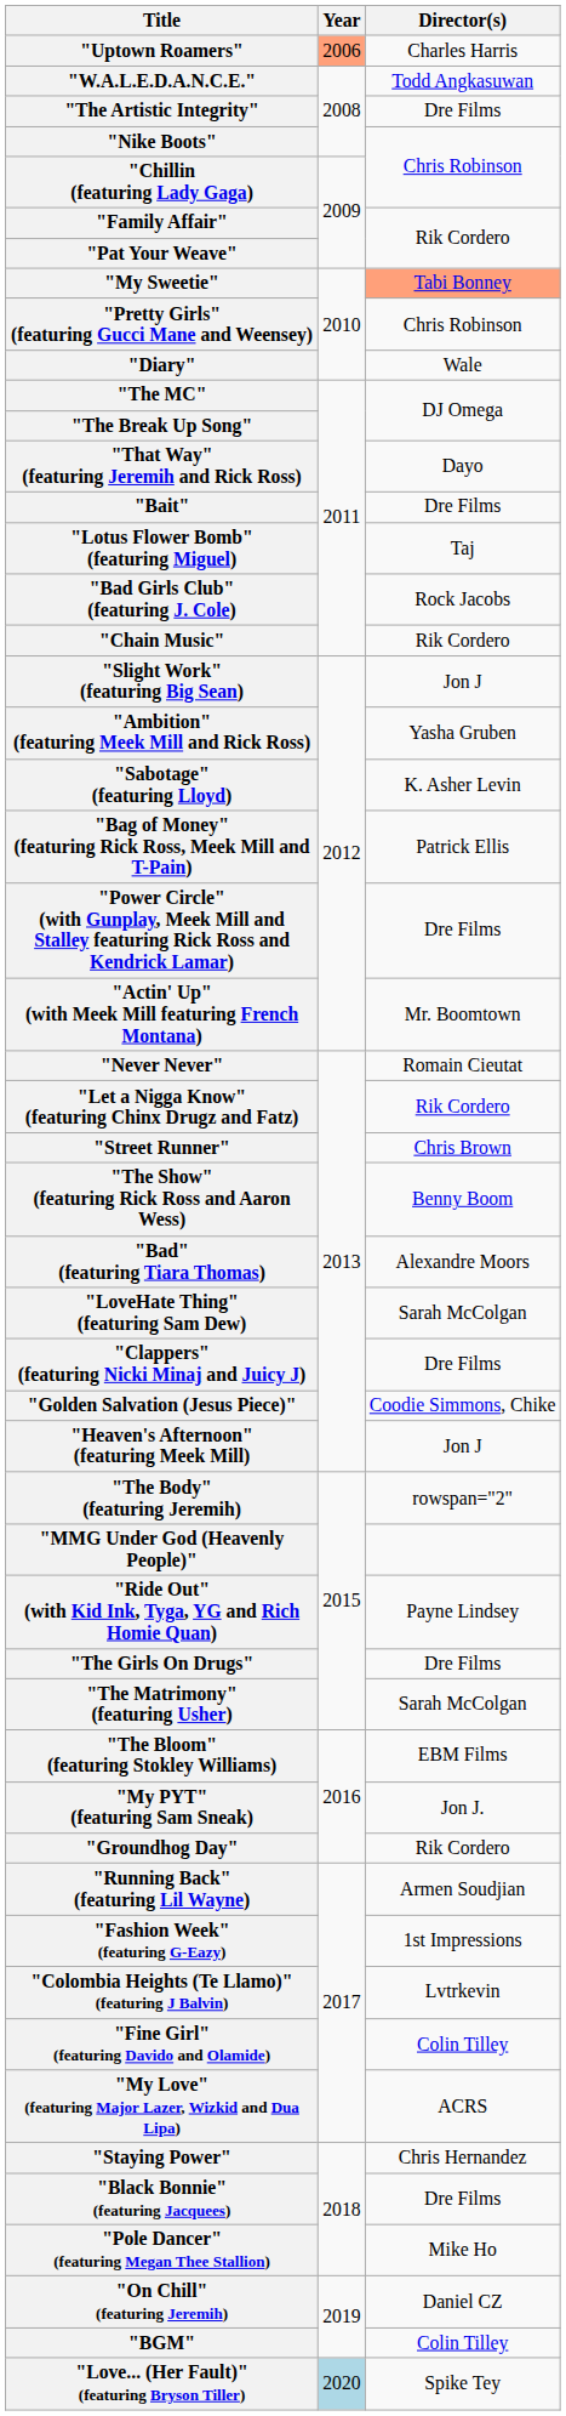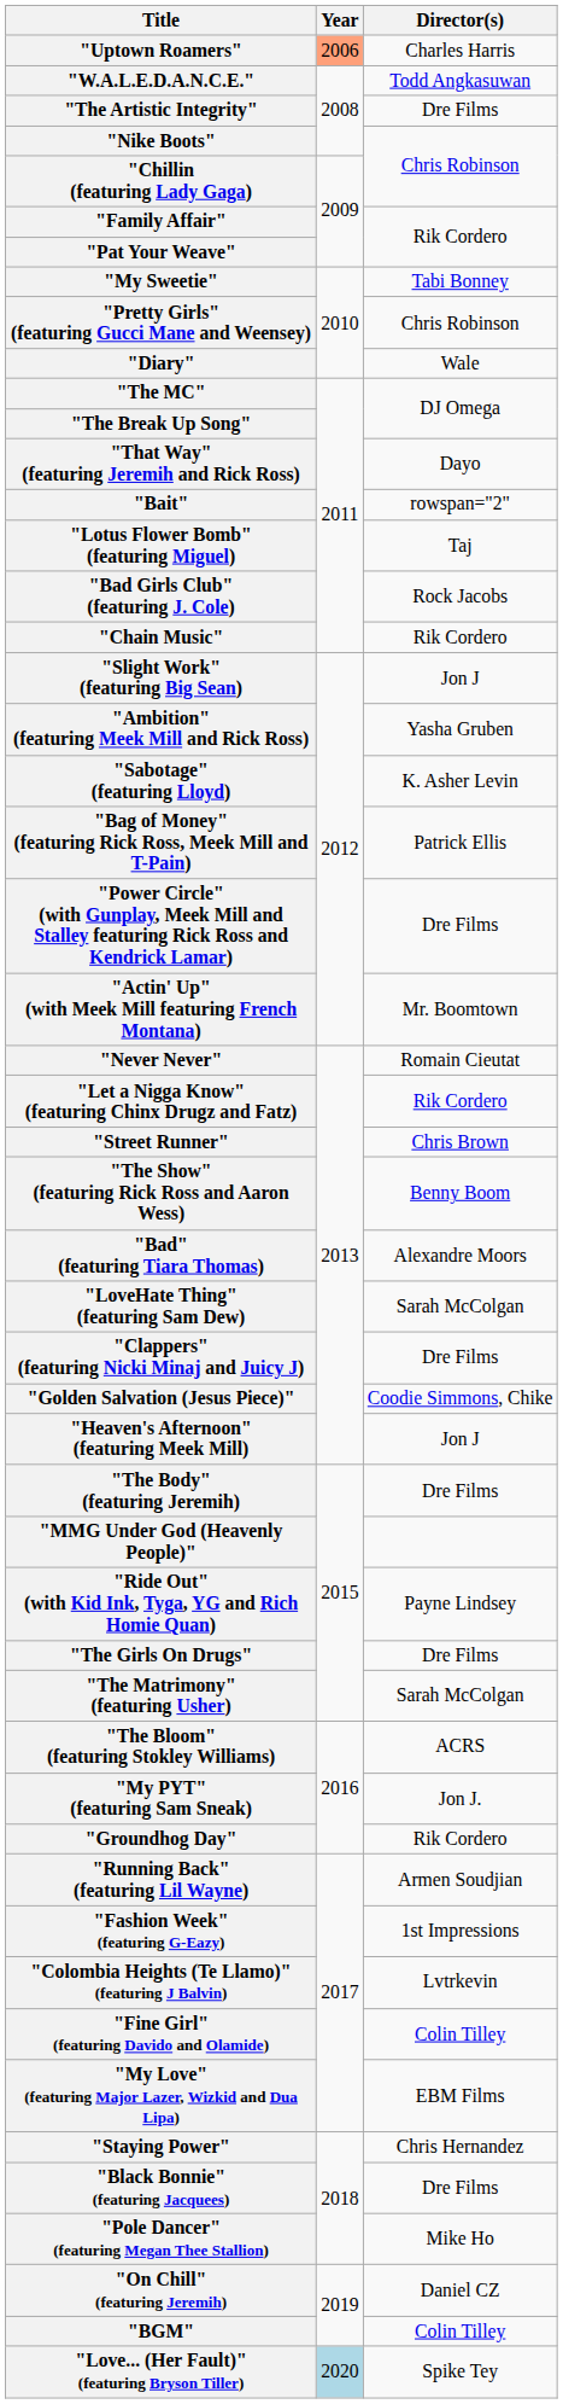 <table class="wikitable plainrowheaders" style="text-align:center;">
 <tr>
 <th scope="col" style="width:16em;">Title</th>
 <th scope="col">Year</th>
 <th scope="col">Director(s)</th>
 </tr>
 <tr>
 <th scope="row">"Uptown Roamers"</th>
 <td style="background: lightsalmon;">2006</td>
 <td>Charles Harris</td>
 </tr>
 <tr>
 <th scope="row">"W.A.L.E.D.A.N.C.E."</th>
 <td rowspan="3">2008</td>
 <td><a href='#'>Todd Angkasuwan</a></td>
 </tr>
 <tr>
 <th scope="row">"The Artistic Integrity"</th>
 <td>Dre Films</td>
 </tr>
 <tr>
 <th scope="row">"Nike Boots"</th>
 <td rowspan="2"><a href='#'>Chris Robinson</a></td>
 </tr>
 <tr>
 <th scope="row">"Chillin<br><span>(featuring <a href='#'>Lady Gaga</a>)</span></th>
 <td rowspan="3">2009</td>
 </tr>
 <tr>
 <th scope="row">"Family Affair"</th>
 <td rowspan="2">Rik Cordero</td>
 </tr>
 <tr>
 <th scope="row">"Pat Your Weave"</th>
 </tr>
 <tr>
 <th scope="row">"My Sweetie"</th>
 <td rowspan="3">2010</td>
-<td style="background: lightsalmon;"><a href='#'>Tabi Bonney</a></td>
+<td><a href='#'>Tabi Bonney</a></td>
 </tr>
 <tr>
 <th scope="row">"Pretty Girls"<br><span>(featuring <a href='#'>Gucci Mane</a> and Weensey)</span></th>
 <td>Chris Robinson</td>
 </tr>
 <tr>
 <th scope="row">"Diary"</th>
 <td>Wale</td>
 </tr>
 <tr>
 <th scope="row">"The MC"</th>
 <td rowspan="7">2011</td>
 <td rowspan="2">DJ Omega</td>
 </tr>
 <tr>
 <th scope="row">"The Break Up Song"</th>
 </tr>
 <tr>
 <th scope="row">"That Way"<br><span>(featuring <a href='#'>Jeremih</a> and Rick Ross)</span></th>
 <td>Dayo</td>
 </tr>
 <tr>
 <th scope="row">"Bait"</th>
-<td>Dre Films</td>
+<td>rowspan="2" </td>
 </tr>
 <tr>
 <th scope="row">"Lotus Flower Bomb"<br><span>(featuring <a href='#'>Miguel</a>)</span></th>
 <td>Taj</td>
 </tr>
 <tr>
 <th scope="row">"Bad Girls Club"<br><span>(featuring <a href='#'>J. Cole</a>)</span></th>
 <td>Rock Jacobs</td>
 </tr>
 <tr>
 <th scope="row">"Chain Music"</th>
 <td>Rik Cordero</td>
 </tr>
 <tr>
 <th scope="row">"Slight Work"<br><span>(featuring <a href='#'>Big Sean</a>)</span></th>
 <td rowspan="6">2012</td>
 <td>Jon J</td>
 </tr>
 <tr>
 <th scope="row">"Ambition"<br><span>(featuring <a href='#'>Meek Mill</a> and Rick Ross)</span></th>
 <td>Yasha Gruben</td>
 </tr>
 <tr>
 <th scope="row">"Sabotage"<br><span>(featuring <a href='#'>Lloyd</a>)</span></th>
 <td>K. Asher Levin</td>
 </tr>
 <tr>
 <th scope="row">"Bag of Money"<br><span>(featuring Rick Ross, Meek Mill and <a href='#'>T-Pain</a>)</span></th>
 <td>Patrick Ellis</td>
 </tr>
 <tr>
 <th scope="row">"Power Circle"<br><span>(with <a href='#'>Gunplay</a>, Meek Mill and <a href='#'>Stalley</a> featuring Rick Ross and <a href='#'>Kendrick Lamar</a>)</span></th>
 <td>Dre Films</td>
 </tr>
 <tr>
 <th scope="row">"Actin' Up"<br><span>(with Meek Mill featuring <a href='#'>French Montana</a>)</span></th>
 <td>Mr. Boomtown</td>
 </tr>
 <tr>
 <th scope="row">"Never Never"</th>
 <td rowspan="9">2013</td>
 <td>Romain Cieutat</td>
 </tr>
 <tr>
 <th scope="row">"Let a Nigga Know"<br><span>(featuring Chinx Drugz and Fatz)</span></th>
 <td><a href='#'>Rik Cordero</a></td>
 </tr>
 <tr>
 <th scope="row">"Street Runner"</th>
 <td><a href='#'>Chris Brown</a></td>
 </tr>
 <tr>
 <th scope="row">"The Show"<br><span>(featuring Rick Ross and Aaron Wess)</span></th>
 <td><a href='#'>Benny Boom</a></td>
 </tr>
 <tr>
 <th scope="row">"Bad"<br><span>(featuring <a href='#'>Tiara Thomas</a>)</span></th>
 <td>Alexandre Moors</td>
 </tr>
 <tr>
 <th scope="row">"LoveHate Thing"<br><span>(featuring Sam Dew)</span></th>
 <td>Sarah McColgan</td>
 </tr>
 <tr>
 <th scope="row">"Clappers"<br><span>(featuring <a href='#'>Nicki Minaj</a> and <a href='#'>Juicy J</a>)</span></th>
 <td>Dre Films</td>
 </tr>
 <tr>
 <th scope="row">"Golden Salvation (Jesus Piece)"</th>
 <td><a href='#'>Coodie Simmons</a>, Chike</td>
 </tr>
 <tr>
 <th scope="row">"Heaven's Afternoon"<br><span>(featuring Meek Mill)</span></th>
 <td>Jon J</td>
 </tr>
 <tr>
 <th scope="row">"The Body"<br><span>(featuring Jeremih)</span></th>
 <td rowspan="5">2015</td>
-<td>rowspan="2" </td>
+<td>Dre Films</td>
 </tr>
 <tr>
 <th scope="row">"MMG Under God (Heavenly People)"</th>
 </tr>
 <tr>
 <th scope="row">"Ride Out"<br><span>(with <a href='#'>Kid Ink</a>, <a href='#'>Tyga</a>, <a href='#'>YG</a> and <a href='#'>Rich Homie Quan</a>)</span></th>
 <td>Payne Lindsey</td>
 </tr>
 <tr>
 <th scope="row">"The Girls On Drugs"</th>
 <td>Dre Films</td>
 </tr>
 <tr>
 <th scope="row">"The Matrimony"<br><span>(featuring <a href='#'>Usher</a>)</span></th>
 <td>Sarah McColgan</td>
 </tr>
 <tr>
 <th scope="row">"The Bloom"<br><span>(featuring Stokley Williams)</span></th>
 <td rowspan="3">2016</td>
-<td>EBM Films</td>
+<td>ACRS</td>
 </tr>
 <tr>
 <th scope="row">"My PYT"<br><span>(featuring Sam Sneak)</span></th>
 <td>Jon J.</td>
 </tr>
 <tr>
 <th scope="row">"Groundhog Day"</th>
 <td>Rik Cordero</td>
 </tr>
 <tr>
 <th scope="row">"Running Back"<br><span>(featuring <a href='#'>Lil Wayne</a>)</span></th>
 <td rowspan="5">2017</td>
 <td>Armen Soudjian</td>
 </tr>
 <tr>
 <th scope="row">"Fashion Week"<br><small>(featuring <a href='#'>G-Eazy</a>)</small></th>
 <td>1st Impressions</td>
 </tr>
 <tr>
 <th scope="row">"Colombia Heights (Te Llamo)"<br><small>(featuring <a href='#'>J Balvin</a>)</small></th>
 <td>Lvtrkevin</td>
 </tr>
 <tr>
 <th scope="row">"Fine Girl"<br><small>(featuring <a href='#'>Davido</a> and <a href='#'>Olamide</a>)</small></th>
 <td><a href='#'>Colin Tilley</a></td>
 </tr>
 <tr>
 <th scope="row">"My Love"<br><small>(featuring <a href='#'>Major Lazer</a>, <a href='#'>Wizkid</a> and <a href='#'>Dua Lipa</a>)</small></th>
-<td>ACRS</td>
+<td>EBM Films</td>
 </tr>
 <tr>
 <th scope="row">"Staying Power"</th>
 <td rowspan="3">2018</td>
 <td>Chris Hernandez</td>
 </tr>
 <tr>
 <th scope="row">"Black Bonnie"<br><small>(featuring <a href='#'>Jacquees</a>)</small></th>
 <td>Dre Films</td>
 </tr>
 <tr>
 <th scope="row">"Pole Dancer"<br><small>(featuring <a href='#'>Megan Thee Stallion</a>)</small></th>
 <td>Mike Ho</td>
 </tr>
 <tr>
 <th scope="row">"On Chill"<br><small>(featuring <a href='#'>Jeremih</a>)</small></th>
 <td rowspan="2">2019</td>
 <td>Daniel CZ</td>
 </tr>
 <tr>
 <th scope="row">"BGM"</th>
 <td><a href='#'>Colin Tilley</a></td>
 </tr>
 <tr>
 <th scope="row">"Love... (Her Fault)"<br><small>(featuring <a href='#'>Bryson Tiller</a>)</small></th>
 <td style="background: lightblue;">2020</td>
 <td>Spike Tey</td>
 </tr>
 </table>
